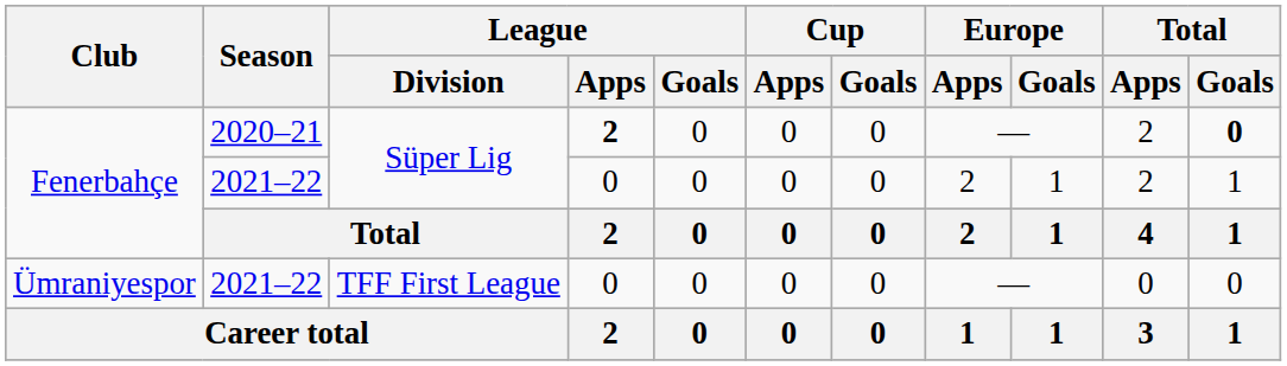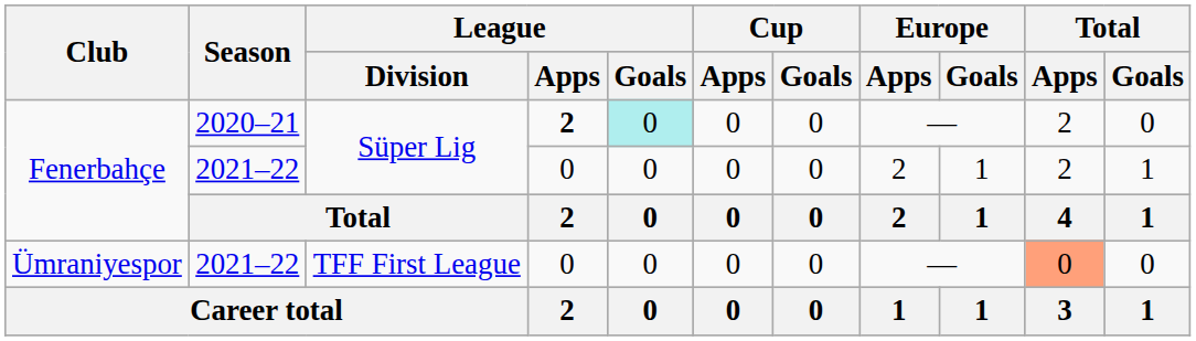 <table class="wikitable" style="text-align:center">
 <tr>
 <th rowspan="2">Club</th>
 <th rowspan="2">Season</th>
 <th colspan="3">League</th>
 <th colspan="2">Cup</th>
 <th colspan="2">Europe</th>
 <th colspan="2">Total</th>
 </tr>
 <tr>
 <th>Division</th>
 <th>Apps</th>
 <th>Goals</th>
 <th>Apps</th>
 <th>Goals</th>
 <th>Apps</th>
 <th>Goals</th>
 <th>Apps</th>
 <th>Goals</th>
 </tr>
 <tr>
 <td rowspan="3"><a href='#'>Fenerbahçe</a></td>
 <td><a href='#'>2020–21</a></td>
 <td rowspan="2"><a href='#'>Süper Lig</a></td>
 <td><strong>2</strong></td>
-<td>0</td>
+<td style="background: paleturquoise;">0</td>
 <td>0</td>
 <td>0</td>
 <td colspan="2">—</td>
 <td>2</td>
-<td><strong>0</strong></td>
+<td>0</td>
 </tr>
 <tr>
 <td><a href='#'>2021–22</a></td>
 <td>0</td>
 <td>0</td>
 <td>0</td>
 <td>0</td>
 <td>2</td>
 <td>1</td>
 <td>2</td>
 <td>1</td>
 </tr>
 <tr>
 <th colspan="2">Total</th>
 <th>2</th>
 <th>0</th>
 <th>0</th>
 <th>0</th>
 <th>2</th>
 <th>1</th>
 <th>4</th>
 <th>1</th>
 </tr>
 <tr>
 <td rowspan="1"><a href='#'>Ümraniyespor</a></td>
 <td><a href='#'>2021–22</a></td>
 <td rowspan="1"><a href='#'>TFF First League</a></td>
 <td>0</td>
 <td>0</td>
 <td>0</td>
 <td>0</td>
 <td colspan="2">—</td>
-<td>0</td>
+<td style="background: lightsalmon;">0</td>
 <td>0</td>
 </tr>
 <tr>
 <th colspan="3">Career total</th>
 <th>2</th>
 <th>0</th>
 <th>0</th>
 <th>0</th>
 <th>1</th>
 <th>1</th>
 <th>3</th>
 <th>1</th>
 </tr>
 </table>
